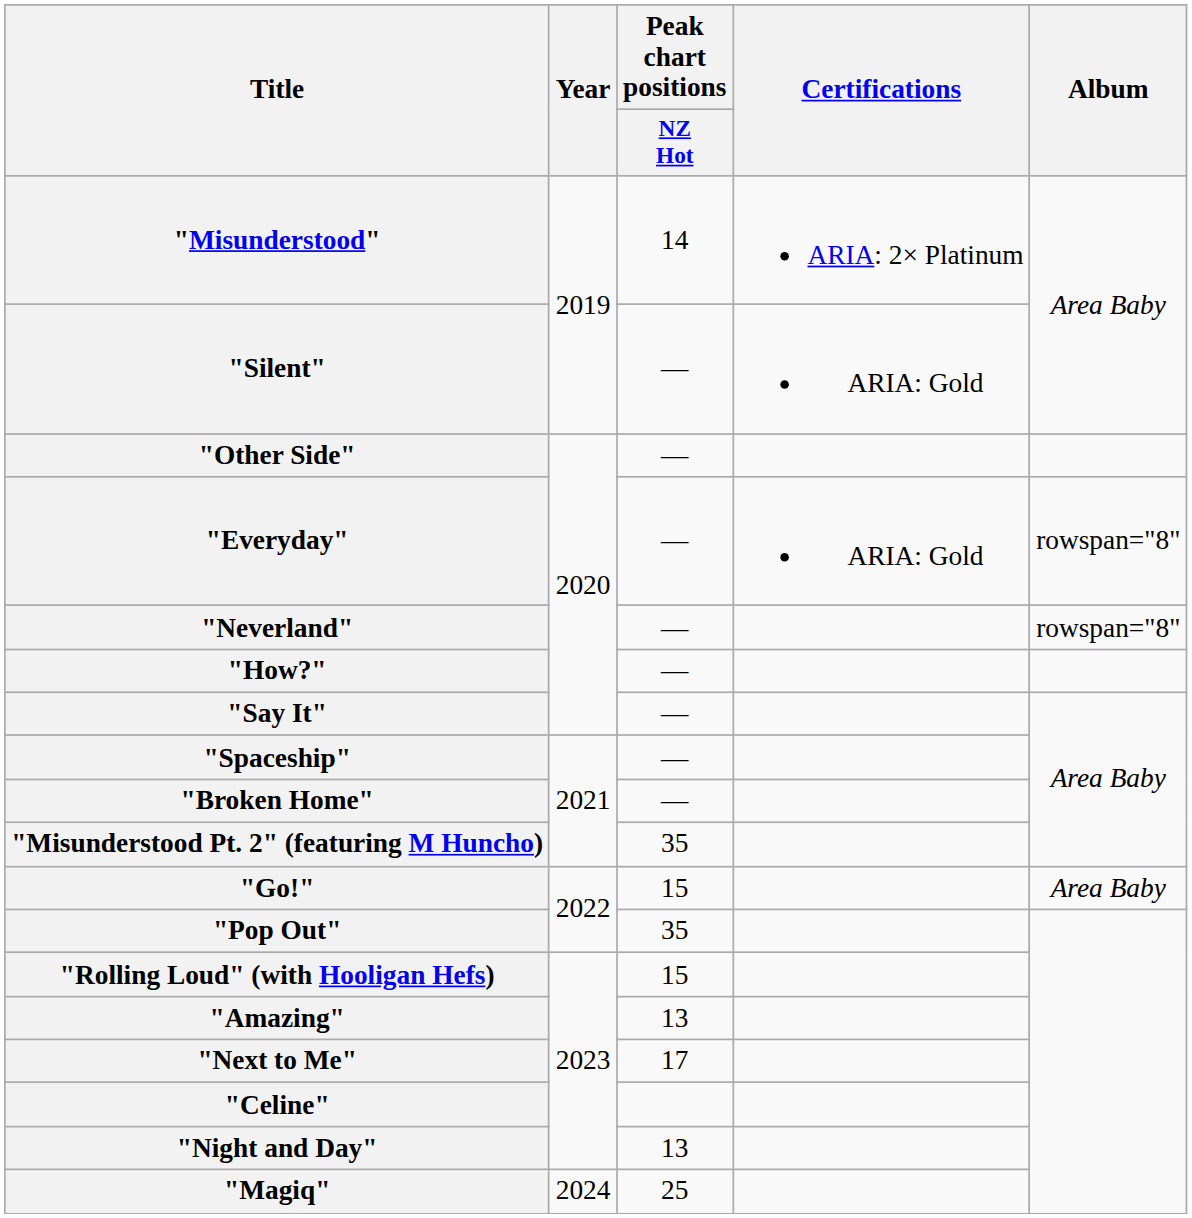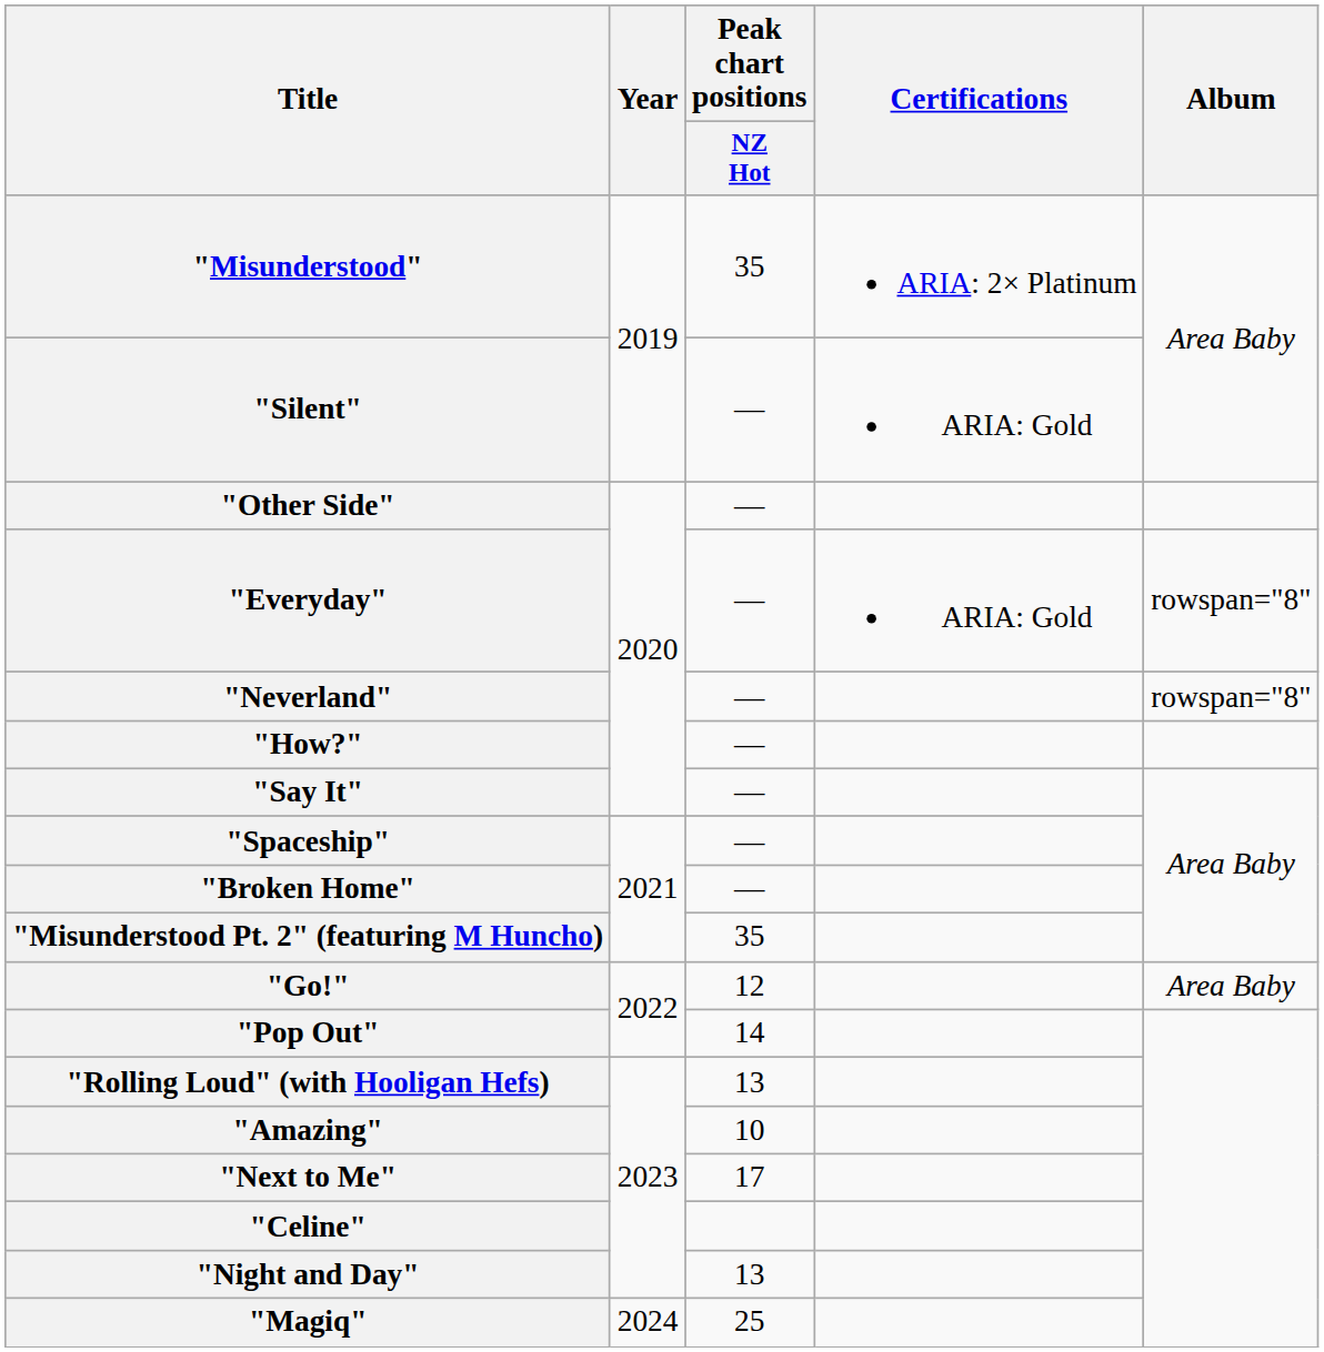 <table class="wikitable plainrowheaders" style="text-align:center;">
 <tr>
 <th scope="col" rowspan="2">Title</th>
 <th scope="col" rowspan="2">Year</th>
 <th scope="col" colspan="1">Peak chart positions</th>
 <th scope="col" rowspan="2"><a href='#'>Certifications</a></th>
 <th scope="col" rowspan="2">Album</th>
 </tr>
 <tr>
 <th scope="col" style="width:2.75em;font-size:85%;"><a href='#'>NZ<br>Hot</a><br></th>
 </tr>
 <tr>
 <th scope="row">"<a href='#'>Misunderstood</a>"</th>
 <td rowspan="2">2019</td>
-<td>14</td>
+<td>35</td>
 <td><br><ul><li><a href='#'>ARIA</a>: 2× Platinum</li></ul></td>
 <td rowspan="2"><em>Area Baby</em></td>
 </tr>
 <tr>
 <th scope="row">"Silent"</th>
 <td>—</td>
 <td><br><ul><li>ARIA: Gold</li></ul></td>
 </tr>
 <tr>
 <th scope="row">"Other Side"</th>
 <td rowspan="5">2020</td>
 <td>—</td>
 <td></td>
 <td></td>
 </tr>
 <tr>
 <th scope="row">"Everyday"</th>
 <td>—</td>
 <td><br><ul><li>ARIA: Gold</li></ul></td>
 <td>rowspan="8" </td>
 </tr>
 <tr>
 <th scope="row">"Neverland"</th>
 <td>—</td>
 <td></td>
 <td>rowspan="8" </td>
 </tr>
 <tr>
 <th scope="row">"How?"</th>
 <td>—</td>
 <td></td>
 </tr>
 <tr>
 <th scope="row">"Say It"</th>
 <td>—</td>
 <td></td>
 <td rowspan="4"><em>Area Baby</em></td>
 </tr>
 <tr>
 <th scope="row">"Spaceship"</th>
 <td rowspan="3">2021</td>
 <td>—</td>
 <td></td>
 </tr>
 <tr>
 <th scope="row">"Broken Home"</th>
 <td>—</td>
 <td></td>
 </tr>
 <tr>
 <th scope="row">"Misunderstood Pt. 2" (featuring <a href='#'>M Huncho</a>)</th>
 <td>35</td>
 <td></td>
 </tr>
 <tr>
 <th scope="row">"Go!"</th>
 <td rowspan="2">2022</td>
-<td>15</td>
+<td>12</td>
 <td></td>
 <td><em>Area Baby</em></td>
 </tr>
 <tr>
 <th scope="row">"Pop Out"</th>
-<td>35</td>
+<td>14</td>
 <td></td>
 </tr>
 <tr>
 <th scope="row">"Rolling Loud" (with <a href='#'>Hooligan Hefs</a>)</th>
 <td rowspan="5">2023</td>
-<td>15</td>
+<td>13</td>
 <td></td>
 </tr>
 <tr>
 <th scope="row">"Amazing"</th>
-<td>13</td>
+<td>10</td>
 <td></td>
 </tr>
 <tr>
 <th scope="row">"Next to Me"</th>
 <td>17</td>
 <td></td>
 </tr>
 <tr>
 <th scope="row">"Celine"</th>
 <td></td>
 <td></td>
 </tr>
 <tr>
 <th scope="row">"Night and Day"</th>
 <td>13</td>
 <td></td>
 </tr>
 <tr>
 <th scope="row">"Magiq"</th>
 <td>2024</td>
 <td>25</td>
 <td></td>
 </tr>
 </table>
